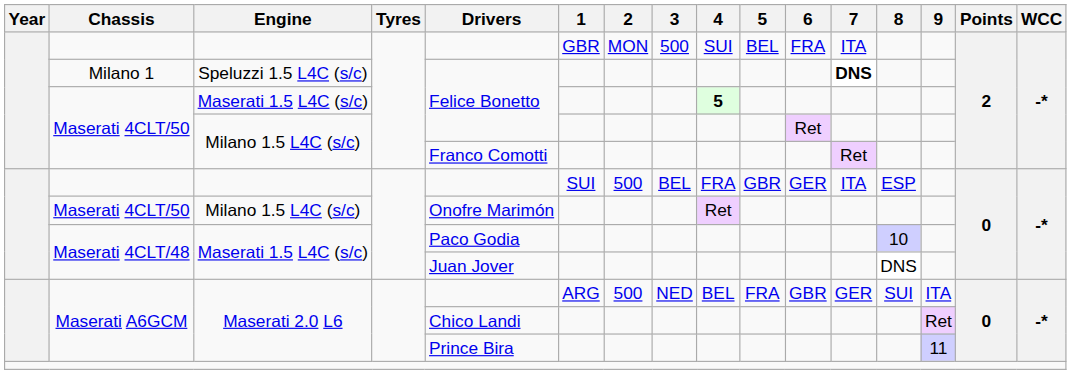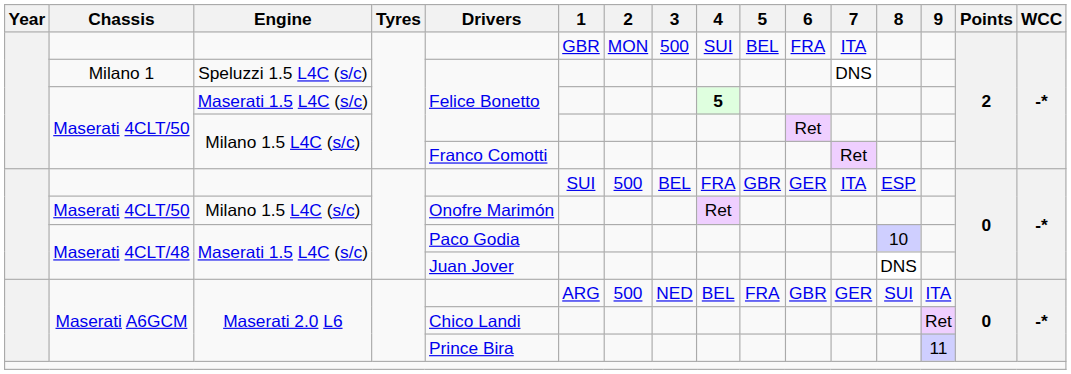 <table class="wikitable" style="text-align:center; font-size:95%">
 <tr>
 <th>Year</th>
 <th>Chassis</th>
 <th>Engine</th>
 <th>Tyres</th>
 <th>Drivers</th>
 <th>1</th>
 <th>2</th>
 <th>3</th>
 <th>4</th>
 <th>5</th>
 <th>6</th>
 <th>7</th>
 <th>8</th>
 <th>9</th>
 <th>Points</th>
 <th>WCC</th>
 </tr>
 <tr>
 <th rowspan="5"></th>
 <td></td>
 <td></td>
 <td rowspan="5"></td>
 <td></td>
 <td><a href='#'>GBR</a></td>
 <td><a href='#'>MON</a></td>
 <td><a href='#'>500</a></td>
 <td><a href='#'>SUI</a></td>
 <td><a href='#'>BEL</a></td>
 <td><a href='#'>FRA</a></td>
 <td><a href='#'>ITA</a></td>
 <td></td>
 <td></td>
 <th rowspan="5">2</th>
 <th rowspan="5">-*</th>
 </tr>
 <tr>
 <td>Milano 1</td>
 <td>Speluzzi 1.5 <a href='#'>L4C</a> (<a href='#'>s/c</a>)</td>
 <td rowspan="3" style="text-align:left;"> <a href='#'>Felice Bonetto</a></td>
 <td></td>
 <td></td>
 <td></td>
 <td></td>
 <td></td>
 <td></td>
-<td style="background:#fff;"><strong>DNS</strong></td>
+<td style="background:#fff;">DNS</td>
 <td></td>
 <td></td>
 </tr>
 <tr>
 <td rowspan="3"><a href='#'>Maserati</a> <a href='#'>4CLT/50</a></td>
 <td><a href='#'>Maserati 1.5</a> <a href='#'>L4C</a> (<a href='#'>s/c</a>)</td>
 <td></td>
 <td></td>
 <td></td>
 <td style="background:#dfffdf;"><strong>5</strong></td>
 <td></td>
 <td></td>
 <td></td>
 <td></td>
 <td></td>
 </tr>
 <tr>
 <td rowspan="2">Milano 1.5 <a href='#'>L4C</a> (<a href='#'>s/c</a>)</td>
 <td></td>
 <td></td>
 <td></td>
 <td></td>
 <td></td>
 <td style="background:#efcfff;">Ret</td>
 <td></td>
 <td></td>
 <td></td>
 </tr>
 <tr>
 <td align="left"> <a href='#'>Franco Comotti</a></td>
 <td></td>
 <td></td>
 <td></td>
 <td></td>
 <td></td>
 <td></td>
 <td style="background:#efcfff;">Ret</td>
 <td></td>
 <td></td>
 </tr>
 <tr>
 <th rowspan="4"></th>
 <td></td>
 <td></td>
 <td rowspan="4"></td>
 <td></td>
 <td><a href='#'>SUI</a></td>
 <td><a href='#'>500</a></td>
 <td><a href='#'>BEL</a></td>
 <td><a href='#'>FRA</a></td>
 <td><a href='#'>GBR</a></td>
 <td><a href='#'>GER</a></td>
 <td><a href='#'>ITA</a></td>
 <td><a href='#'>ESP</a></td>
 <td></td>
 <th rowspan="4">0</th>
 <th rowspan="4">-*</th>
 </tr>
 <tr>
 <td><a href='#'>Maserati</a> <a href='#'>4CLT/50</a></td>
 <td>Milano 1.5 <a href='#'>L4C</a> (<a href='#'>s/c</a>)</td>
 <td align="left"> <a href='#'>Onofre Marimón</a></td>
 <td></td>
 <td></td>
 <td></td>
 <td style="background:#efcfff;">Ret</td>
 <td></td>
 <td></td>
 <td></td>
 <td></td>
 <td></td>
 </tr>
 <tr>
 <td rowspan="2"><a href='#'>Maserati</a> <a href='#'>4CLT/48</a></td>
 <td rowspan="2"><a href='#'>Maserati 1.5</a> <a href='#'>L4C</a> (<a href='#'>s/c</a>)</td>
 <td align="left"> <a href='#'>Paco Godia</a></td>
 <td></td>
 <td></td>
 <td></td>
 <td></td>
 <td></td>
 <td></td>
 <td></td>
 <td style="background:#cfcfff;">10</td>
 <td></td>
 </tr>
 <tr>
 <td align="left"> <a href='#'>Juan Jover</a></td>
 <td></td>
 <td></td>
 <td></td>
 <td></td>
 <td></td>
 <td></td>
 <td></td>
 <td style="background:#fff;">DNS</td>
 <td></td>
 </tr>
 <tr>
 <th rowspan="3"></th>
 <td rowspan="3"><a href='#'>Maserati</a> <a href='#'>A6GCM</a></td>
 <td rowspan="3"><a href='#'>Maserati 2.0</a> <a href='#'>L6</a></td>
 <td rowspan="3"></td>
 <td></td>
 <td><a href='#'>ARG</a></td>
 <td><a href='#'>500</a></td>
 <td><a href='#'>NED</a></td>
 <td><a href='#'>BEL</a></td>
 <td><a href='#'>FRA</a></td>
 <td><a href='#'>GBR</a></td>
 <td><a href='#'>GER</a></td>
 <td><a href='#'>SUI</a></td>
 <td><a href='#'>ITA</a></td>
 <th rowspan="3">0</th>
 <th rowspan="3">-*</th>
 </tr>
 <tr>
 <td align="left"> <a href='#'>Chico Landi</a></td>
 <td></td>
 <td></td>
 <td></td>
 <td></td>
 <td></td>
 <td></td>
 <td></td>
 <td></td>
 <td style="background:#efcfff;">Ret</td>
 </tr>
 <tr>
 <td align="left"> <a href='#'>Prince Bira</a></td>
 <td></td>
 <td></td>
 <td></td>
 <td></td>
 <td></td>
 <td></td>
 <td></td>
 <td></td>
 <td style="background:#cfcfff;">11</td>
 </tr>
 <tr>
 <td colspan="16"></td>
 </tr>
 </table>
